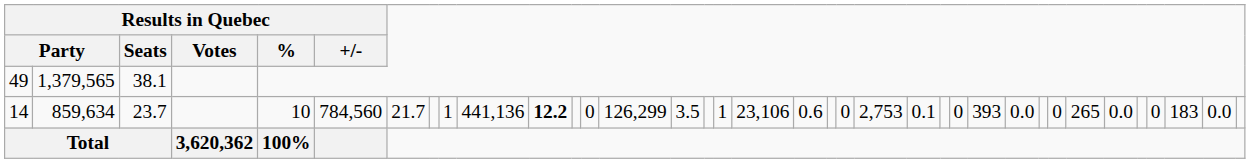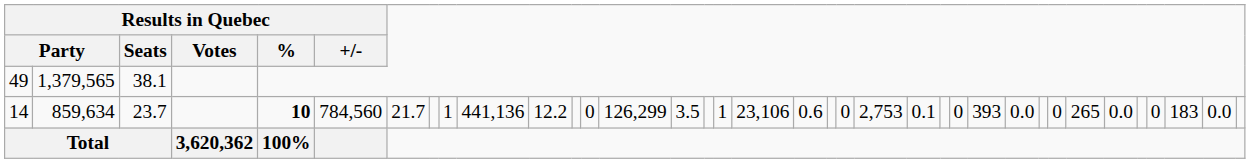 <table class="wikitable">
 <tr>
 <th align="center" colspan=6>Results in Quebec</th>
 </tr>
 <tr>
 <th align="centre" colspan=2>Party</th>
 <th align="right">Seats</th>
 <th align="right">Votes</th>
 <th align="right">%</th>
 <th align="right">+/-</th>
 </tr>
 <tr>
 <td align="right">49</td>
 <td align="right">1,379,565</td>
 <td align="right">38.1</td>
 <td align="right"></td>
 </tr>
 <tr>
 <td align="right">14</td>
 <td align="right">859,634</td>
 <td align="right">23.7</td>
 <td align="right"><br></td>
-<td align="right">10</td>
+<td align="right"><strong>10</strong></td>
 <td align="right">784,560</td>
 <td align="right">21.7</td>
 <td align="right"><br></td>
 <td align="right">1</td>
 <td align="right">441,136</td>
-<td align="right"><strong>12.2</strong></td>
+<td align="right">12.2</td>
 <td align="right"><br></td>
 <td align="right">0</td>
 <td align="right">126,299</td>
 <td align="right">3.5</td>
 <td align="right"><br></td>
 <td align="right">1</td>
 <td align="right">23,106</td>
 <td align="right">0.6</td>
 <td align="right"><br></td>
 <td align="right">0</td>
 <td align="right">2,753</td>
 <td align="right">0.1</td>
 <td align="right"><br>  </td>
 <td align="right">0</td>
 <td align="right">393</td>
 <td align="right">0.0</td>
 <td align="right"><br></td>
 <td align="right">0</td>
 <td align="right">265</td>
 <td align="right">0.0</td>
 <td align="right"><br></td>
 <td align="right">0</td>
 <td align="right">183</td>
 <td align="right">0.0</td>
 <td align="right"></td>
 </tr>
 <tr bgcolor="white">
 <th align="left" colspan=3>Total</th>
 <th align="right">3,620,362</th>
 <th align="right">100%</th>
 <th align="right"></th>
 </tr>
 </table>
